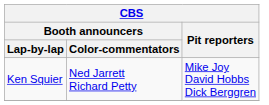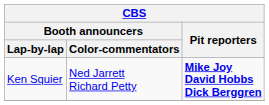 <table class="wikitable" style="font-size: 95%">
 <tr>
 <th colspan=3><a href='#'>CBS</a></th>
 </tr>
 <tr>
 <th colspan=2>Booth announcers</th>
 <th rowspan=2>Pit reporters</th>
 </tr>
 <tr>
 <th><strong>Lap-by-lap</strong></th>
 <th><strong>Color-commentators</strong></th>
 </tr>
 <tr>
 <td><a href='#'>Ken Squier</a></td>
 <td><a href='#'>Ned Jarrett</a> <br> <a href='#'>Richard Petty</a></td>
-<td><a href='#'>Mike Joy</a> <br> <a href='#'>David Hobbs</a> <br> <a href='#'>Dick Berggren</a></td>
+<td><strong><a href='#'>Mike Joy</a> <br> <a href='#'>David Hobbs</a> <br> <a href='#'>Dick Berggren</a></strong></td>
 </tr>
 <tr>
 </tr>
 </table>
